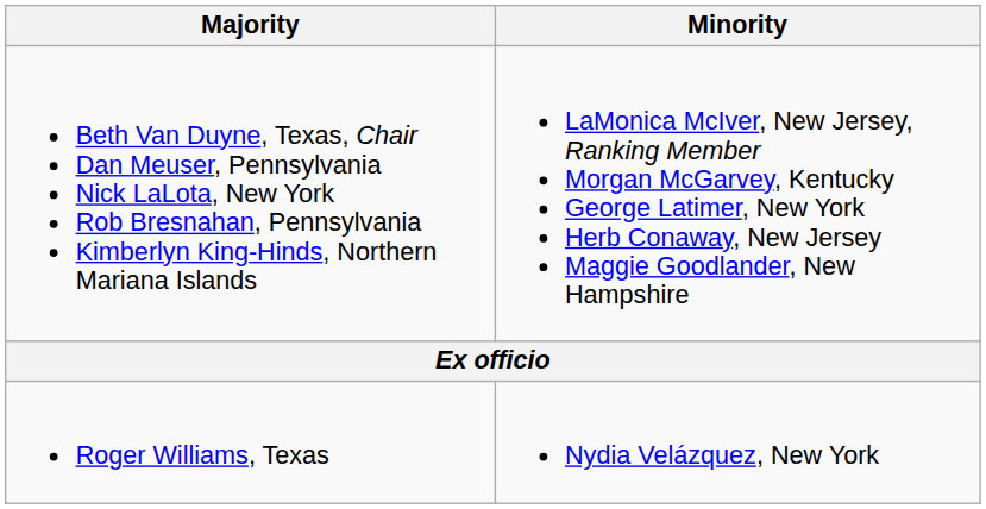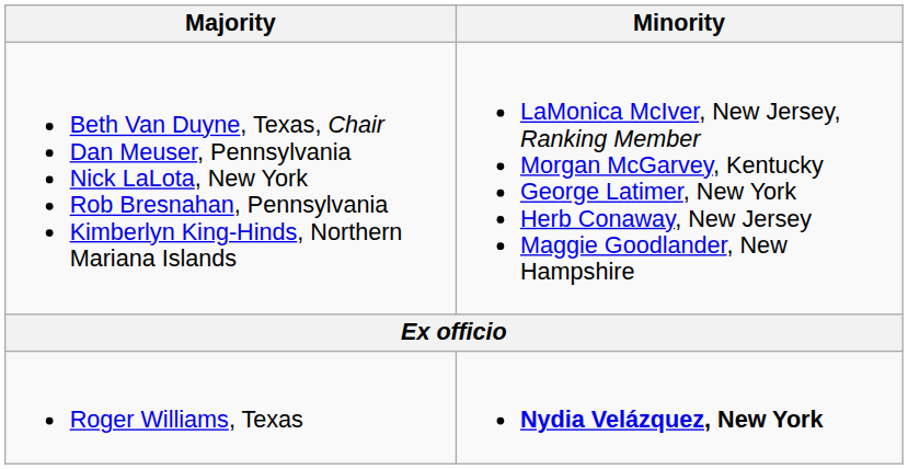 <table class=wikitable>
 <tr>
 <th>Majority</th>
 <th>Minority</th>
 </tr>
 <tr>
 <td><br><ul><li><a href='#'>Beth Van Duyne</a>, Texas, <em>Chair</em></li><li><a href='#'>Dan Meuser</a>, Pennsylvania</li><li><a href='#'>Nick LaLota</a>, New York</li><li><a href='#'>Rob Bresnahan</a>, Pennsylvania</li><li><a href='#'>Kimberlyn King-Hinds</a>, Northern Mariana Islands</li></ul></td>
 <td><br><ul><li><a href='#'>LaMonica McIver</a>, New Jersey, <em>Ranking Member</em></li><li><a href='#'>Morgan McGarvey</a>, Kentucky</li><li><a href='#'>George Latimer</a>, New York</li><li><a href='#'>Herb Conaway</a>, New Jersey</li><li><a href='#'>Maggie Goodlander</a>, New Hampshire</li></ul></td>
 </tr>
 <tr>
 <th colspan=2><em>Ex officio</em></th>
 </tr>
 <tr>
 <td><br><ul><li><a href='#'>Roger Williams</a>, Texas</li></ul></td>
-<td><br><ul><li><a href='#'>Nydia Velázquez</a>, New York</li></ul></td>
+<td><strong><br><ul><li><a href='#'>Nydia Velázquez</a>, New York</li></ul></strong></td>
 </tr>
 </table>
